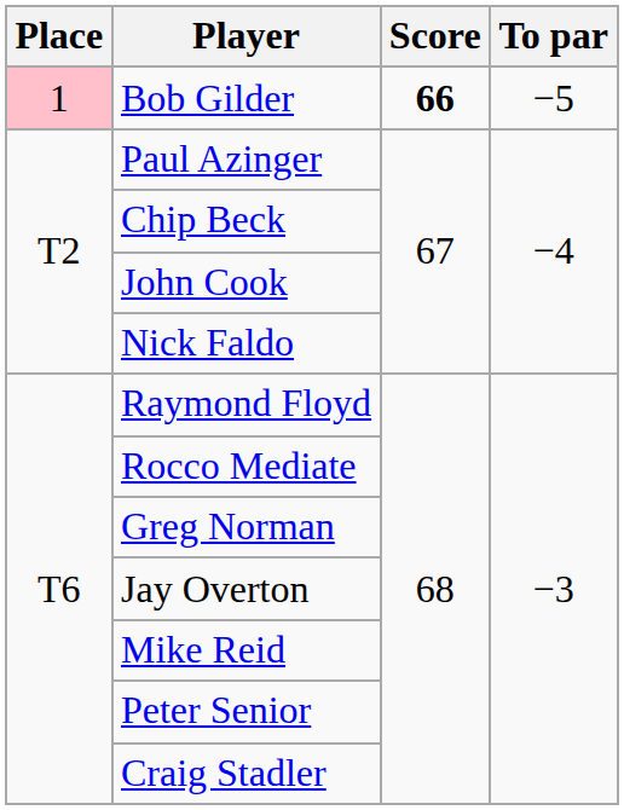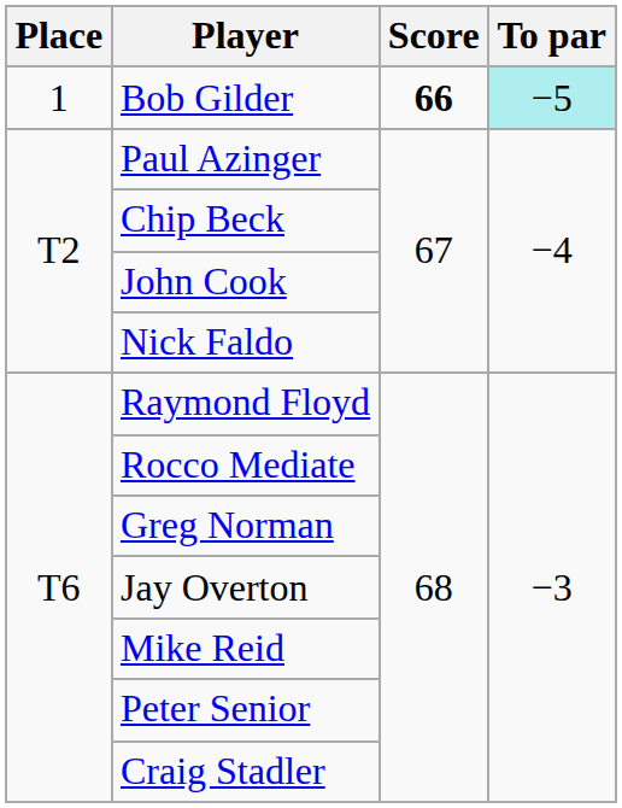 <table class="wikitable">
 <tr>
 <th>Place</th>
 <th>Player</th>
 <th>Score</th>
 <th>To par</th>
 </tr>
 <tr>
-<td align="center" style="background: pink;">1</td>
+<td align="center">1</td>
 <td> <a href='#'>Bob Gilder</a></td>
 <td align="center"><strong>66</strong></td>
-<td align="center">−5</td>
+<td align="center" style="background: paleturquoise;">−5</td>
 </tr>
 <tr>
 <td rowspan=4 align="center">T2</td>
 <td> <a href='#'>Paul Azinger</a></td>
 <td rowspan=4 align="center">67</td>
 <td rowspan=4 align="center">−4</td>
 </tr>
 <tr>
 <td> <a href='#'>Chip Beck</a></td>
 </tr>
 <tr>
 <td> <a href='#'>John Cook</a></td>
 </tr>
 <tr>
 <td> <a href='#'>Nick Faldo</a></td>
 </tr>
 <tr>
 <td rowspan=7 align="center">T6</td>
 <td> <a href='#'>Raymond Floyd</a></td>
 <td rowspan=7 align="center">68</td>
 <td rowspan=7 align="center">−3</td>
 </tr>
 <tr>
 <td> <a href='#'>Rocco Mediate</a></td>
 </tr>
 <tr>
 <td> <a href='#'>Greg Norman</a></td>
 </tr>
 <tr>
 <td> Jay Overton</td>
 </tr>
 <tr>
 <td> <a href='#'>Mike Reid</a></td>
 </tr>
 <tr>
 <td> <a href='#'>Peter Senior</a></td>
 </tr>
 <tr>
 <td> <a href='#'>Craig Stadler</a></td>
 </tr>
 </table>
